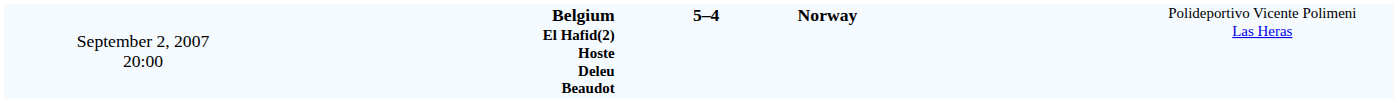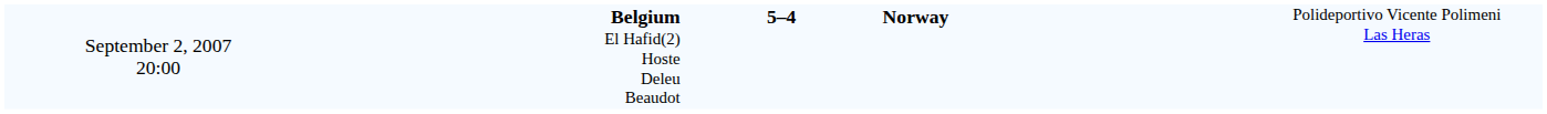 <table style="width: 100%; background:#F5FAFF;" cellspacing="0">
 <tr>
 <td align=center rowspan=3 width=20%>September 2, 2007<br>20:00</td>
 </tr>
 <tr>
 <td width=24% align=right><strong>Belgium</strong></td>
 <td align=center width=13%><strong>5–4</strong></td>
 <td width=24%><strong>Norway</strong></td>
 <td style=font-size:85% rowspan=3 valign=top align=center>Polideportivo Vicente Polimeni<br><a href='#'>Las Heras</a></td>
 </tr>
 <tr style=font-size:85%>
-<td align=right valign=top><strong>El Hafid(2)<br>Hoste<br>Deleu<br>Beaudot</strong></td>
+<td align=right valign=top>El Hafid(2)<br>Hoste<br>Deleu<br>Beaudot</td>
 <td></td>
 <td></td>
 </tr>
 </table>
